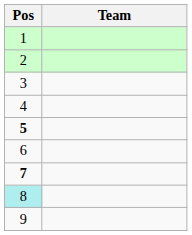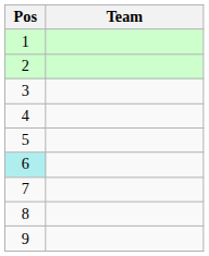 <table class="wikitable" style="text-align:center;">
 <tr>
 <th width=35>Pos</th>
 <th width=155>Team</th>
 </tr>
 <tr bgcolor=ccffcc>
 <td>1</td>
 <td align=left></td>
 </tr>
 <tr bgcolor=ccffcc>
 <td>2</td>
 <td align=left></td>
 </tr>
 <tr>
 <td>3</td>
 <td align=left></td>
 </tr>
 <tr>
 <td>4</td>
 <td align=left></td>
 </tr>
 <tr>
-<td><strong>5</strong></td>
+<td>5</td>
 <td align=left></td>
 </tr>
 <tr>
-<td>6</td>
+<td style="background: paleturquoise;">6</td>
 <td align=left></td>
 </tr>
 <tr>
-<td><strong>7</strong></td>
+<td>7</td>
 <td align=left></td>
 </tr>
 <tr>
-<td style="background: paleturquoise;">8</td>
+<td>8</td>
 <td align=left></td>
 </tr>
 <tr>
 <td>9</td>
 <td align=left></td>
 </tr>
 </table>
